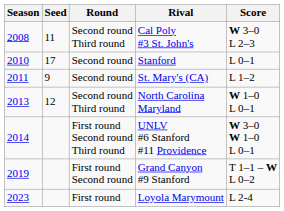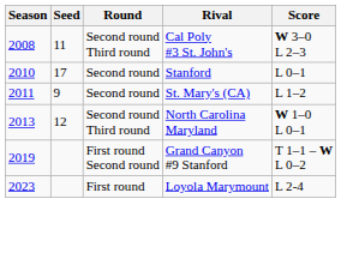 <table class="wikitable">
 <tr>
 <th width=px>Season</th>
 <th width=px>Seed</th>
 <th width=px>Round</th>
 <th width=px>Rival</th>
 <th width=px>Score</th>
 </tr>
 <tr>
 <td><a href='#'>2008</a></td>
 <td>11</td>
 <td>Second round<br>Third round</td>
 <td><a href='#'>Cal Poly</a><br><a href='#'>#3 St. John's</a></td>
 <td><strong>W</strong> 3–0<br>L 2–3</td>
 </tr>
 <tr>
 <td><a href='#'>2010</a></td>
 <td>17</td>
 <td>Second round</td>
 <td><a href='#'>Stanford</a></td>
 <td>L 0–1</td>
 </tr>
 <tr>
 <td><a href='#'>2011</a></td>
 <td>9</td>
 <td>Second round</td>
 <td><a href='#'>St. Mary's (CA)</a></td>
 <td>L 1–2 </td>
 </tr>
 <tr>
 <td><a href='#'>2013</a></td>
 <td>12</td>
 <td>Second round<br>Third round</td>
 <td><a href='#'>North Carolina</a><br><a href='#'>Maryland</a></td>
 <td><strong>W</strong> 1–0<br>L 0–1</td>
 </tr>
 <tr>
-<td><a href='#'>2014</a></td>
-<td></td>
-<td>First round<br>Second round<br>Third round</td>
-<td><a href='#'>UNLV</a><br>#6 Stanford<br>#11 <a href='#'>Providence</a></td>
-<td><strong>W</strong> 3–0<br><strong>W</strong> 1–0  <br>L 0–1</td>
-</tr>
-<tr>
 <td><a href='#'>2019</a></td>
 <td></td>
 <td>First round<br>Second round</td>
 <td><a href='#'>Grand Canyon</a><br>#9 Stanford</td>
 <td>T 1–1 – <strong>W</strong>  <br>L 0–2</td>
 </tr>
 <tr>
 <td><a href='#'>2023</a></td>
 <td></td>
 <td>First round</td>
 <td><a href='#'>Loyola Marymount</a></td>
 <td>L 2-4</td>
 </tr>
 </table>
